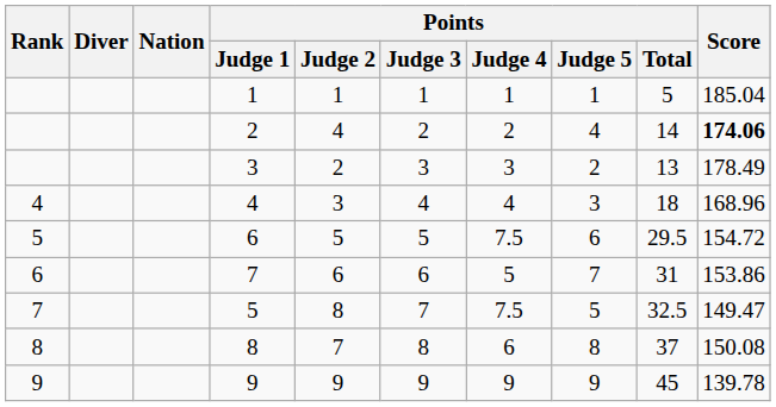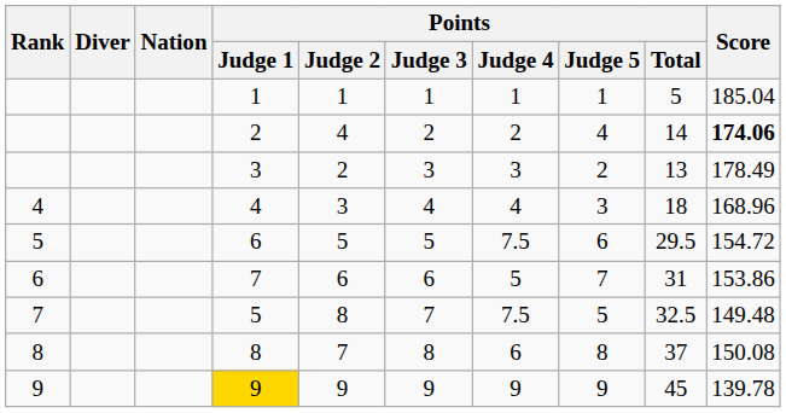 <table class="wikitable sortable" style="text-align:center">
 <tr>
 <th rowspan=2>Rank</th>
 <th rowspan=2>Diver</th>
 <th rowspan=2>Nation</th>
 <th colspan=6>Points</th>
 <th rowspan=2>Score</th>
 </tr>
 <tr>
 <th>Judge 1</th>
 <th>Judge 2</th>
 <th>Judge 3</th>
 <th>Judge 4</th>
 <th>Judge 5</th>
 <th>Total</th>
 </tr>
 <tr>
 <td></td>
 <td align=left></td>
 <td align=left></td>
 <td>1</td>
 <td>1</td>
 <td>1</td>
 <td>1</td>
 <td>1</td>
 <td>5</td>
 <td>185.04</td>
 </tr>
 <tr>
 <td></td>
 <td align=left></td>
 <td align=left></td>
 <td>2</td>
 <td>4</td>
 <td>2</td>
 <td>2</td>
 <td>4</td>
 <td>14</td>
 <td><strong>174.06</strong></td>
 </tr>
 <tr>
 <td></td>
 <td align=left></td>
 <td align=left></td>
 <td>3</td>
 <td>2</td>
 <td>3</td>
 <td>3</td>
 <td>2</td>
 <td>13</td>
 <td>178.49</td>
 </tr>
 <tr>
 <td>4</td>
 <td align=left></td>
 <td align=left></td>
 <td>4</td>
 <td>3</td>
 <td>4</td>
 <td>4</td>
 <td>3</td>
 <td>18</td>
 <td>168.96</td>
 </tr>
 <tr>
 <td>5</td>
 <td align=left></td>
 <td align=left></td>
 <td>6</td>
 <td>5</td>
 <td>5</td>
 <td>7.5</td>
 <td>6</td>
 <td>29.5</td>
 <td>154.72</td>
 </tr>
 <tr>
 <td>6</td>
 <td align=left></td>
 <td align=left></td>
 <td>7</td>
 <td>6</td>
 <td>6</td>
 <td>5</td>
 <td>7</td>
 <td>31</td>
 <td>153.86</td>
 </tr>
 <tr>
 <td>7</td>
 <td align=left></td>
 <td align=left></td>
 <td>5</td>
 <td>8</td>
 <td>7</td>
 <td>7.5</td>
 <td>5</td>
 <td>32.5</td>
-<td>149.47</td>
+<td>149.48</td>
 </tr>
 <tr>
 <td>8</td>
 <td align=left></td>
 <td align=left></td>
 <td>8</td>
 <td>7</td>
 <td>8</td>
 <td>6</td>
 <td>8</td>
 <td>37</td>
 <td>150.08</td>
 </tr>
 <tr>
 <td>9</td>
 <td align=left></td>
 <td align=left></td>
-<td>9</td>
+<td style="background: gold;">9</td>
 <td>9</td>
 <td>9</td>
 <td>9</td>
 <td>9</td>
 <td>45</td>
 <td>139.78</td>
 </tr>
 </table>
